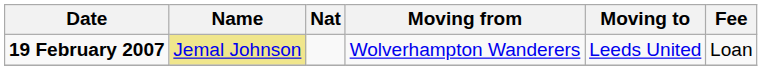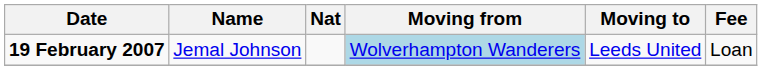 <table class="wikitable sortable">
 <tr>
 <th>Date</th>
 <th>Name</th>
 <th>Nat</th>
 <th>Moving from</th>
 <th>Moving to</th>
 <th>Fee</th>
 </tr>
 <tr>
 <td><strong>19 February 2007</strong></td>
-<td style="background: khaki;"><a href='#'>Jemal Johnson</a></td>
+<td><a href='#'>Jemal Johnson</a></td>
 <td></td>
-<td><a href='#'>Wolverhampton Wanderers</a></td>
+<td style="background: lightblue;"><a href='#'>Wolverhampton Wanderers</a></td>
 <td><a href='#'>Leeds United</a></td>
 <td>Loan</td>
 </tr>
 <tr>
 </tr>
 </table>
